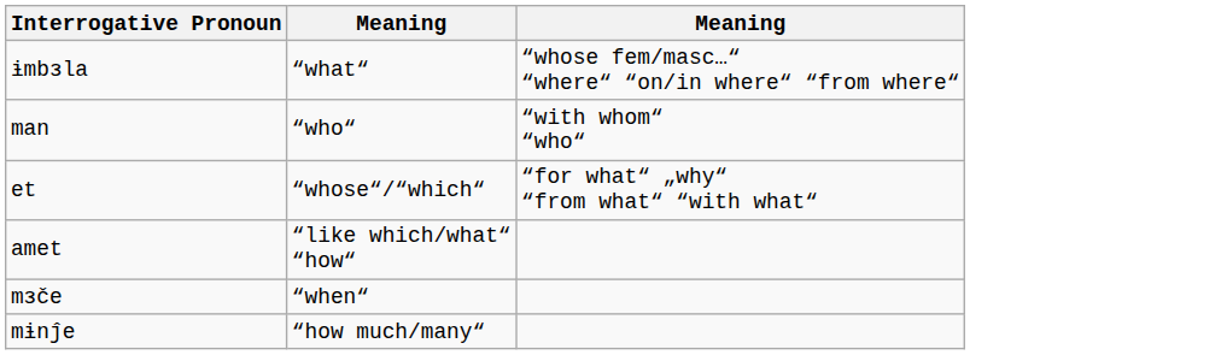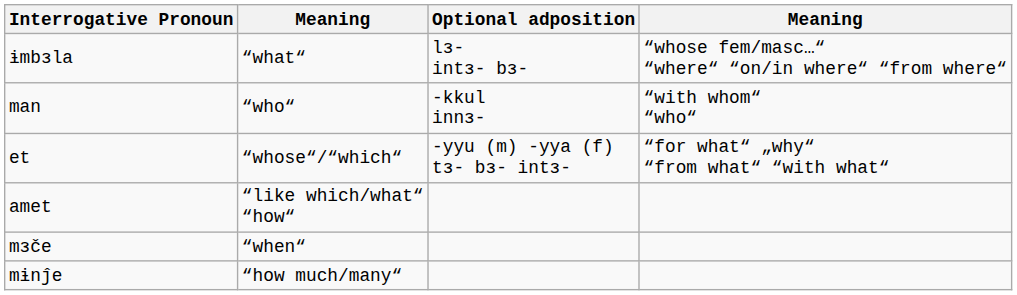 <table class="wikitable">
 <tr>
 <th>Interrogative Pronoun</th>
 <th>Meaning</th>
+<th>Optional adposition</th>
 <th>Meaning</th>
 </tr>
 <tr>
 <td>ɨmbɜla</td>
 <td>“what“</td>
+<td>lɜ-<br>intɜ-  bɜ-</td>
 <td>“whose fem/masc…“<br>“where“ “on/in where“  “from where“</td>
 </tr>
 <tr>
 <td>man</td>
 <td>“who“</td>
+<td>-kkul<br>innɜ-</td>
 <td>“with whom“<br>“who“</td>
 </tr>
 <tr>
 <td>et</td>
 <td>“whose“/“which“</td>
+<td>-yyu (m) -yya (f)<br>tɜ- bɜ- intɜ-</td>
 <td>“for what“ „why“<br>“from what“ “with what“</td>
 </tr>
 <tr>
 <td>amet</td>
 <td>“like which/what“<br>“how“</td>
 <td></td>
+<td></td>
 </tr>
 <tr>
 <td>mɜče</td>
 <td>“when“</td>
+<td></td>
 <td></td>
 </tr>
 <tr>
 <td>mɨnĵe</td>
 <td>“how much/many“</td>
 <td></td>
+<td></td>
 </tr>
 </table>
